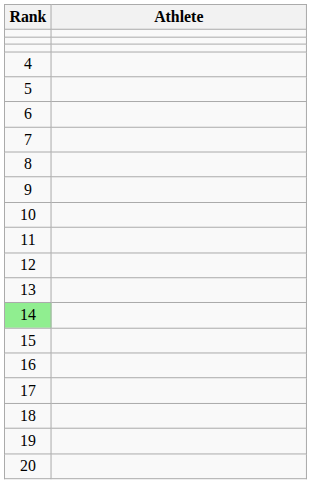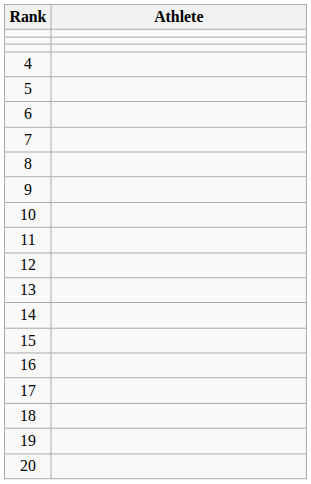 <table class="wikitable" style="text-align: center;">
 <tr>
 <th width=40>Rank</th>
 <th width=250>Athlete</th>
 </tr>
 <tr>
 <td></td>
 <td align=left></td>
 </tr>
 <tr>
 <td></td>
 <td align=left></td>
 </tr>
 <tr>
 <td></td>
 <td align=left></td>
 </tr>
 <tr>
 <td>4</td>
 <td align=left></td>
 </tr>
 <tr>
 <td>5</td>
 <td align=left></td>
 </tr>
 <tr>
 <td>6</td>
 <td align=left></td>
 </tr>
 <tr>
 <td>7</td>
 <td align=left></td>
 </tr>
 <tr>
 <td>8</td>
 <td align=left></td>
 </tr>
 <tr>
 <td>9</td>
 <td align=left></td>
 </tr>
 <tr>
 <td>10</td>
 <td align=left></td>
 </tr>
 <tr>
 <td>11</td>
 <td align=left></td>
 </tr>
 <tr>
 <td>12</td>
 <td align=left></td>
 </tr>
 <tr>
 <td>13</td>
 <td align=left></td>
 </tr>
 <tr>
-<td style="background: lightgreen;">14</td>
+<td>14</td>
 <td align=left></td>
 </tr>
 <tr>
 <td>15</td>
 <td align=left></td>
 </tr>
 <tr>
 <td>16</td>
 <td align=left></td>
 </tr>
 <tr>
 <td>17</td>
 <td align=left></td>
 </tr>
 <tr>
 <td>18</td>
 <td align=left></td>
 </tr>
 <tr>
 <td>19</td>
 <td align=left></td>
 </tr>
 <tr>
 <td>20</td>
 <td align=left></td>
 </tr>
 </table>
